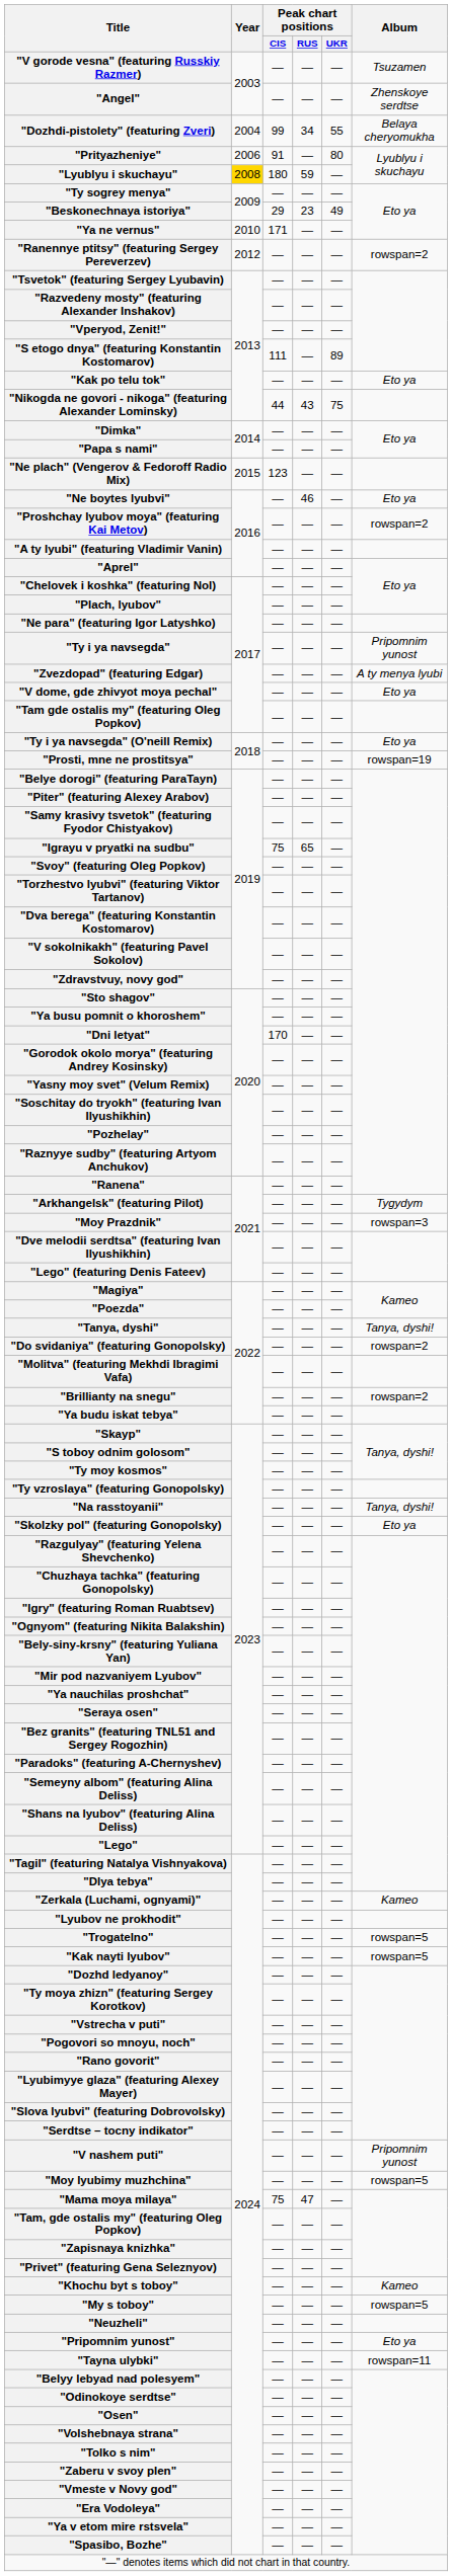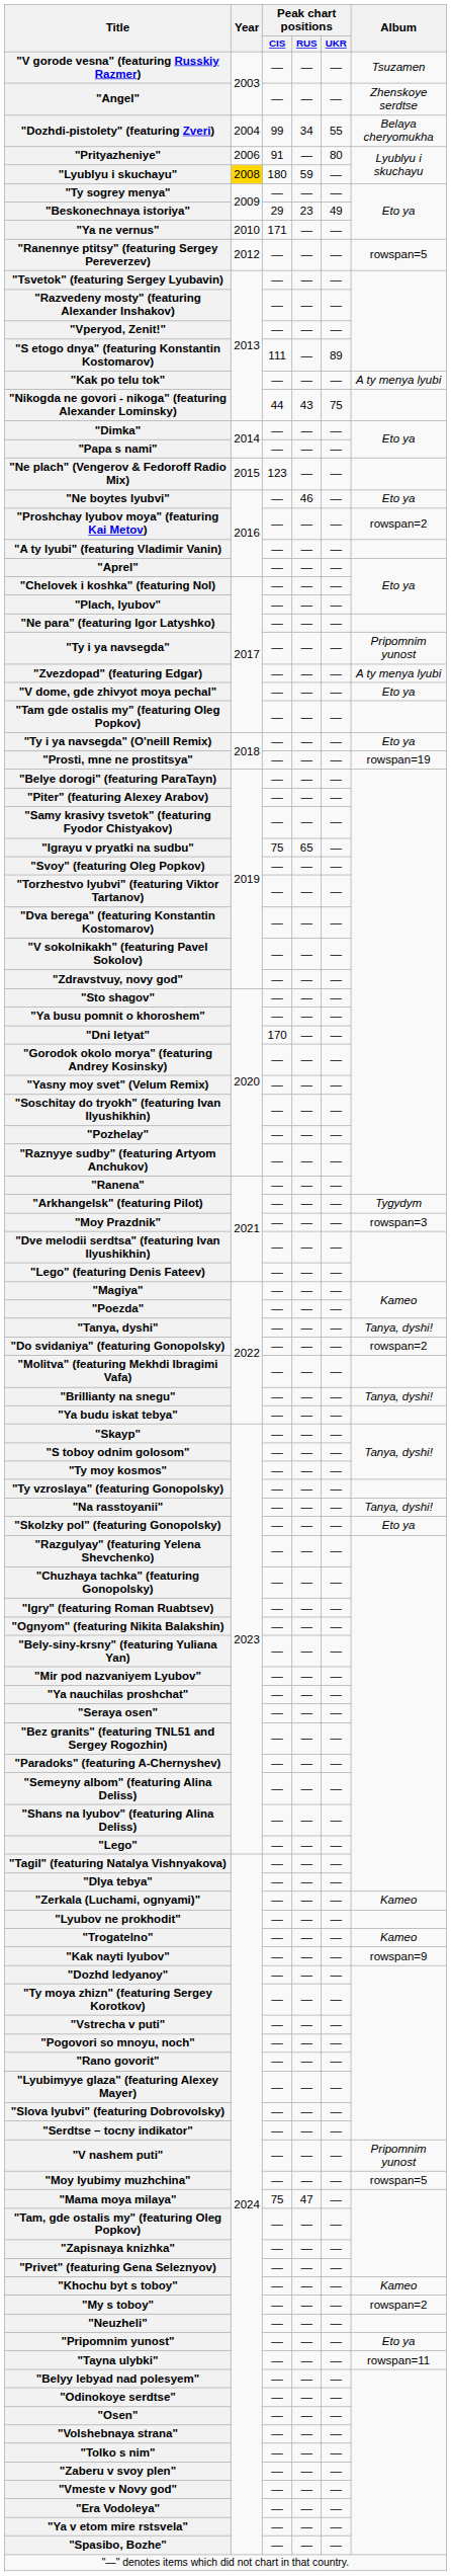 <table class="wikitable plainrowheaders" style="text-align: center;">
 <tr>
 <th scope="col" rowspan="2">Title</th>
 <th scope="col" rowspan="2">Year</th>
 <th scope="col" colspan="3">Peak chart positions</th>
 <th scope="col" rowspan="2">Album</th>
 </tr>
 <tr>
 <th scope="col" style="width:2.5em; font-size:85%;"><a href='#'>CIS</a><br></th>
 <th scope="col" style="width:2.5em; font-size:85%;"><a href='#'>RUS</a><br></th>
 <th scope="col" style="width:2.5em; font-size:85%;"><a href='#'>UKR</a><br></th>
 </tr>
 <tr>
 <th scope="row">"V gorode vesna" (featuring <a href='#'>Russkiy Razmer</a>)</th>
 <td rowspan=2>2003</td>
 <td>—</td>
 <td>—</td>
 <td>—</td>
 <td><em>Tsuzamen</em></td>
 </tr>
 <tr>
 <th scope="row">"Angel"</th>
 <td>—</td>
 <td>—</td>
 <td>—</td>
 <td><em>Zhenskoye serdtse</em></td>
 </tr>
 <tr>
 <th scope="row">"Dozhdi-pistolety" (featuring <a href='#'>Zveri</a>)</th>
 <td>2004</td>
 <td>99</td>
 <td>34 </td>
 <td>55</td>
 <td><em>Belaya cheryomukha</em></td>
 </tr>
 <tr>
 <th scope="row">"Prityazheniye"</th>
 <td>2006</td>
 <td>91</td>
 <td>—</td>
 <td>80 </td>
 <td rowspan=2><em>Lyublyu i skuchayu</em></td>
 </tr>
 <tr>
 <th scope="row">"Lyublyu i skuchayu"</th>
 <td style="background: gold;">2008</td>
 <td>180</td>
 <td>59 </td>
 <td>—</td>
 </tr>
 <tr>
 <th scope="row">"Ty sogrey menya"</th>
 <td rowspan=2>2009</td>
 <td>—</td>
 <td>—</td>
 <td>—</td>
 <td rowspan=3><em>Eto ya</em></td>
 </tr>
 <tr>
 <th scope="row">"Beskonechnaya istoriya"</th>
 <td>29</td>
 <td>23 </td>
 <td>49</td>
 </tr>
 <tr>
 <th scope="row">"Ya ne vernus"</th>
 <td>2010</td>
 <td>171</td>
 <td>—</td>
 <td>—</td>
 </tr>
 <tr>
 <th scope="row">"Ranennye ptitsy" (featuring Sergey Pereverzev)</th>
 <td>2012</td>
 <td>—</td>
 <td>—</td>
 <td>—</td>
-<td>rowspan=2 </td>
+<td>rowspan=5 </td>
 </tr>
 <tr>
 <th scope="row">"Tsvetok" (featuring Sergey Lyubavin)</th>
 <td rowspan=6>2013</td>
 <td>—</td>
 <td>—</td>
 <td>—</td>
 </tr>
 <tr>
 <th scope="row">"Razvedeny mosty" (featuring Alexander Inshakov)</th>
 <td>—</td>
 <td>—</td>
 <td>—</td>
 </tr>
 <tr>
 <th scope="row">"Vperyod, Zenit!"</th>
 <td>—</td>
 <td>—</td>
 <td>—</td>
 </tr>
 <tr>
 <th scope="row">"S etogo dnya" (featuring Konstantin Kostomarov)</th>
 <td>111</td>
 <td>—</td>
 <td>89</td>
 </tr>
 <tr>
 <th scope="row">"Kak po telu tok"</th>
 <td>—</td>
 <td>—</td>
 <td>—</td>
-<td><em>Eto ya</em></td>
+<td><em>A ty menya lyubi</em></td>
 </tr>
 <tr>
 <th scope="row">"Nikogda ne govori - nikoga" (featuring Alexander Lominsky)</th>
 <td>44</td>
 <td>43</td>
 <td>75</td>
 <td></td>
 </tr>
 <tr>
 <th scope="row">"Dimka"</th>
 <td rowspan=2>2014</td>
 <td>—</td>
 <td>—</td>
 <td>—</td>
 <td rowspan=2><em>Eto ya</em></td>
 </tr>
 <tr>
 <th scope="row">"Papa s nami"</th>
 <td>—</td>
 <td>—</td>
 <td>—</td>
 </tr>
 <tr>
 <th scope="row">"Ne plach" (Vengerov & Fedoroff Radio Mix)</th>
 <td rowspan=1>2015</td>
 <td>123</td>
 <td>—</td>
 <td>—</td>
 <td></td>
 </tr>
 <tr>
 <th scope="row">"Ne boytes lyubvi"</th>
 <td rowspan=4>2016</td>
 <td>—</td>
 <td>46</td>
 <td>—</td>
 <td><em>Eto ya</em></td>
 </tr>
 <tr>
 <th scope="row">"Proshchay lyubov moya" (featuring <a href='#'>Kai Metov</a>)</th>
 <td>—</td>
 <td>—</td>
 <td>—</td>
 <td>rowspan=2 </td>
 </tr>
 <tr>
 <th scope="row">"A ty lyubi" (featuring Vladimir Vanin)</th>
 <td>—</td>
 <td>—</td>
 <td>—</td>
 </tr>
 <tr>
 <th scope="row">"Aprel"</th>
 <td>—</td>
 <td>—</td>
 <td>—</td>
 <td rowspan=3><em>Eto ya</em></td>
 </tr>
 <tr>
 <th scope="row">"Chelovek i koshka" (featuring Nol)</th>
 <td rowspan=7>2017</td>
 <td>—</td>
 <td>—</td>
 <td>—</td>
 </tr>
 <tr>
 <th scope="row">"Plach, lyubov"</th>
 <td>—</td>
 <td>—</td>
 <td>—</td>
 </tr>
 <tr>
 <th scope="row">"Ne para" (featuring Igor Latyshko)</th>
 <td>—</td>
 <td>—</td>
 <td>—</td>
 <td></td>
 </tr>
 <tr>
 <th scope="row">"Ty i ya navsegda"</th>
 <td>—</td>
 <td>—</td>
 <td>—</td>
 <td><em>Pripomnim yunost</em></td>
 </tr>
 <tr>
 <th scope="row">"Zvezdopad" (featuring Edgar)</th>
 <td>—</td>
 <td>—</td>
 <td>—</td>
 <td><em>A ty menya lyubi</em></td>
 </tr>
 <tr>
 <th scope="row">"V dome, gde zhivyot moya pechal"</th>
 <td>—</td>
 <td>—</td>
 <td>—</td>
 <td><em>Eto ya</em></td>
 </tr>
 <tr>
 <th scope="row">"Tam gde ostalis my" (featuring Oleg Popkov)</th>
 <td>—</td>
 <td>—</td>
 <td>—</td>
 <td></td>
 </tr>
 <tr>
 <th scope="row">"Ty i ya navsegda" (O'neill Remix)</th>
 <td rowspan=2>2018</td>
 <td>—</td>
 <td>—</td>
 <td>—</td>
 <td><em>Eto ya</em></td>
 </tr>
 <tr>
 <th scope="row">"Prosti, mne ne prostitsya"</th>
 <td>—</td>
 <td>—</td>
 <td>—</td>
 <td>rowspan=19 </td>
 </tr>
 <tr>
 <th scope="row">"Belye dorogi" (featuring ParaTayn)</th>
 <td rowspan=9>2019</td>
 <td>—</td>
 <td>—</td>
 <td>—</td>
 </tr>
 <tr>
 <th scope="row">"Piter" (featuring Alexey Arabov)</th>
 <td>—</td>
 <td>—</td>
 <td>—</td>
 </tr>
 <tr>
 <th scope="row">"Samy krasivy tsvetok" (featuring Fyodor Chistyakov)</th>
 <td>—</td>
 <td>—</td>
 <td>—</td>
 </tr>
 <tr>
 <th scope="row">"Igrayu v pryatki na sudbu"</th>
 <td>75</td>
 <td>65</td>
 <td>—</td>
 </tr>
 <tr>
 <th scope="row">"Svoy" (featuring Oleg Popkov)</th>
 <td>—</td>
 <td>—</td>
 <td>—</td>
 </tr>
 <tr>
 <th scope="row">"Torzhestvo lyubvi" (featuring Viktor Tartanov)</th>
 <td>—</td>
 <td>—</td>
 <td>—</td>
 </tr>
 <tr>
 <th scope="row">"Dva berega" (featuring Konstantin Kostomarov)</th>
 <td>—</td>
 <td>—</td>
 <td>—</td>
 </tr>
 <tr>
 <th scope="row">"V sokolnikakh" (featuring Pavel Sokolov)</th>
 <td>—</td>
 <td>—</td>
 <td>—</td>
 </tr>
 <tr>
 <th scope="row">"Zdravstvuy, novy god"</th>
 <td>—</td>
 <td>—</td>
 <td>—</td>
 </tr>
 <tr>
 <th scope="row">"Sto shagov"</th>
 <td rowspan=8>2020</td>
 <td>—</td>
 <td>—</td>
 <td>—</td>
 </tr>
 <tr>
 <th scope="row">"Ya busu pomnit o khoroshem"</th>
 <td>—</td>
 <td>—</td>
 <td>—</td>
 </tr>
 <tr>
 <th scope="row">"Dni letyat"</th>
 <td>170</td>
 <td>—</td>
 <td>—</td>
 </tr>
 <tr>
 <th scope="row">"Gorodok okolo morya" (featuring Andrey Kosinsky)</th>
 <td>—</td>
 <td>—</td>
 <td>—</td>
 </tr>
 <tr>
 <th scope="row">"Yasny moy svet" (Velum Remix)</th>
 <td>—</td>
 <td>—</td>
 <td>—</td>
 </tr>
 <tr>
 <th scope="row">"Soschitay do tryokh" (featuring Ivan Ilyushikhin)</th>
 <td>—</td>
 <td>—</td>
 <td>—</td>
 </tr>
 <tr>
 <th scope="row">"Pozhelay"</th>
 <td>—</td>
 <td>—</td>
 <td>—</td>
 </tr>
 <tr>
 <th scope="row">"Raznyye sudby" (featuring Artyom Anchukov)</th>
 <td>—</td>
 <td>—</td>
 <td>—</td>
 </tr>
 <tr>
 <th scope="row">"Ranena"</th>
 <td rowspan=5>2021</td>
 <td>—</td>
 <td>—</td>
 <td>—</td>
 </tr>
 <tr>
 <th scope="row">"Arkhangelsk" (featuring Pilot)</th>
 <td>—</td>
 <td>—</td>
 <td>—</td>
 <td><em>Tygydym</em></td>
 </tr>
 <tr>
 <th scope="row">"Moy Prazdnik"</th>
 <td>—</td>
 <td>—</td>
 <td>—</td>
 <td>rowspan=3 </td>
 </tr>
 <tr>
 <th scope="row">"Dve melodii serdtsa" (featuring Ivan Ilyushikhin)</th>
 <td>—</td>
 <td>—</td>
 <td>—</td>
 </tr>
 <tr>
 <th scope="row">"Lego" (featuring Denis Fateev)</th>
 <td>—</td>
 <td>—</td>
 <td>—</td>
 </tr>
 <tr>
 <th scope="row">"Magiya"</th>
 <td rowspan=7>2022</td>
 <td>—</td>
 <td>—</td>
 <td>—</td>
 <td rowspan=2><em>Kameo</em></td>
 </tr>
 <tr>
 <th scope="row">"Poezda"</th>
 <td>—</td>
 <td>—</td>
 <td>—</td>
 </tr>
 <tr>
 <th scope="row">"Tanya, dyshi"</th>
 <td>—</td>
 <td>—</td>
 <td>—</td>
 <td><em>Tanya, dyshi!</em></td>
 </tr>
 <tr>
 <th scope="row">"Do svidaniya" (featuring Gonopolsky)</th>
 <td>—</td>
 <td>—</td>
 <td>—</td>
 <td>rowspan=2 </td>
 </tr>
 <tr>
 <th scope="row">"Molitva" (featuring Mekhdi Ibragimi Vafa)</th>
 <td>—</td>
 <td>—</td>
 <td>—</td>
 </tr>
 <tr>
 <th scope="row">"Brillianty na snegu"</th>
 <td>—</td>
 <td>—</td>
 <td>—</td>
-<td>rowspan=2 </td>
+<td><em>Tanya, dyshi!</em></td>
 </tr>
 <tr>
 <th scope="row">"Ya budu iskat tebya"</th>
 <td>—</td>
 <td>—</td>
 <td>—</td>
 <td></td>
 </tr>
 <tr>
 <th scope="row">"Skayp"</th>
 <td rowspan=19>2023</td>
 <td>—</td>
 <td>—</td>
 <td>—</td>
 <td rowspan=3><em>Tanya, dyshi!</em></td>
 </tr>
 <tr>
 <th scope="row">"S toboy odnim golosom"</th>
 <td>—</td>
 <td>—</td>
 <td>—</td>
 </tr>
 <tr>
 <th scope="row">"Ty moy kosmos"</th>
 <td>—</td>
 <td>—</td>
 <td>—</td>
 </tr>
 <tr>
 <th scope="row">"Ty vzroslaya" (featuring Gonopolsky)</th>
 <td>—</td>
 <td>—</td>
 <td>—</td>
 <td></td>
 </tr>
 <tr>
 <th scope="row">"Na rasstoyanii"</th>
 <td>—</td>
 <td>—</td>
 <td>—</td>
 <td><em>Tanya, dyshi!</em></td>
 </tr>
 <tr>
 <th scope="row">"Skolzky pol" (featuring Gonopolsky)</th>
 <td>—</td>
 <td>—</td>
 <td>—</td>
 <td><em>Eto ya</em></td>
 </tr>
 <tr>
 <th scope="row">"Razgulyay" (featuring Yelena Shevchenko)</th>
 <td>—</td>
 <td>—</td>
 <td>—</td>
 </tr>
 <tr>
 <th scope="row">"Chuzhaya tachka" (featuring Gonopolsky)</th>
 <td>—</td>
 <td>—</td>
 <td>—</td>
 </tr>
 <tr>
 <th scope="row">"Igry" (featuring Roman Ruabtsev)</th>
 <td>—</td>
 <td>—</td>
 <td>—</td>
 </tr>
 <tr>
 <th scope="row">"Ognyom" (featuring Nikita Balakshin)</th>
 <td>—</td>
 <td>—</td>
 <td>—</td>
 </tr>
 <tr>
 <th scope="row">"Bely-siny-krsny" (featuring Yuliana Yan)</th>
 <td>—</td>
 <td>—</td>
 <td>—</td>
 </tr>
 <tr>
 <th scope="row">"Mir pod nazvaniyem Lyubov"</th>
 <td>—</td>
 <td>—</td>
 <td>—</td>
 </tr>
 <tr>
 <th scope="row">"Ya nauchilas proshchat"</th>
 <td>—</td>
 <td>—</td>
 <td>—</td>
 </tr>
 <tr>
 <th scope="row">"Seraya osen"</th>
 <td>—</td>
 <td>—</td>
 <td>—</td>
 </tr>
 <tr>
 <th scope="row">"Bez granits" (featuring TNL51 and Sergey Rogozhin)</th>
 <td>—</td>
 <td>—</td>
 <td>—</td>
 </tr>
 <tr>
 <th scope="row">"Paradoks" (featuring A-Chernyshev)</th>
 <td>—</td>
 <td>—</td>
 <td>—</td>
 </tr>
 <tr>
 <th scope="row">"Semeyny albom" (featuring Alina Deliss)</th>
 <td>—</td>
 <td>—</td>
 <td>—</td>
 </tr>
 <tr>
 <th scope="row">"Shans na lyubov" (featuring Alina Deliss)</th>
 <td>—</td>
 <td>—</td>
 <td>—</td>
 </tr>
 <tr>
 <th scope="row">"Lego"</th>
 <td>—</td>
 <td>—</td>
 <td>—</td>
 </tr>
 <tr>
 <th scope="row">"Tagil" (featuring Natalya Vishnyakova)</th>
 <td rowspan=35>2024</td>
 <td>—</td>
 <td>—</td>
 <td>—</td>
 </tr>
 <tr>
 <th scope="row">"Dlya tebya"</th>
 <td>—</td>
 <td>—</td>
 <td>—</td>
 </tr>
 <tr>
 <th scope="row">"Zerkala (Luchami, ognyami)"</th>
 <td>—</td>
 <td>—</td>
 <td>—</td>
 <td><em>Kameo</em></td>
 </tr>
 <tr>
 <th scope="row">"Lyubov ne prokhodit"</th>
 <td>—</td>
 <td>—</td>
 <td>—</td>
 <td></td>
 </tr>
 <tr>
 <th scope="row">"Trogatelno"</th>
 <td>—</td>
 <td>—</td>
 <td>—</td>
-<td>rowspan=5 </td>
+<td><em>Kameo</em></td>
 </tr>
 <tr>
 <th scope="row">"Kak nayti lyubov"</th>
 <td>—</td>
 <td>—</td>
 <td>—</td>
-<td>rowspan=5 </td>
+<td>rowspan=9 </td>
 </tr>
 <tr>
 <th scope="row">"Dozhd ledyanoy"</th>
 <td>—</td>
 <td>—</td>
 <td>—</td>
 </tr>
 <tr>
 <th scope="row">"Ty moya zhizn" (featuring Sergey Korotkov)</th>
 <td>—</td>
 <td>—</td>
 <td>—</td>
 </tr>
 <tr>
 <th scope="row">"Vstrecha v puti"</th>
 <td>—</td>
 <td>—</td>
 <td>—</td>
 </tr>
 <tr>
 <th scope="row">"Pogovori so mnoyu, noch"</th>
 <td>—</td>
 <td>—</td>
 <td>—</td>
 </tr>
 <tr>
 <th scope="row">"Rano govorit"</th>
 <td>—</td>
 <td>—</td>
 <td>—</td>
 </tr>
 <tr>
 <th scope="row">"Lyubimyye glaza" (featuring Alexey Mayer)</th>
 <td>—</td>
 <td>—</td>
 <td>—</td>
 </tr>
 <tr>
 <th scope="row">"Slova lyubvi" (featuring Dobrovolsky)</th>
 <td>—</td>
 <td>—</td>
 <td>—</td>
 </tr>
 <tr>
 <th scope="row">"Serdtse – tocny indikator"</th>
 <td>—</td>
 <td>—</td>
 <td>—</td>
 </tr>
 <tr>
 <th scope="row">"V nashem puti"</th>
 <td>—</td>
 <td>—</td>
 <td>—</td>
 <td><em>Pripomnim yunost</em></td>
 </tr>
 <tr>
 <th scope="row">"Moy lyubimy muzhchina"</th>
 <td>—</td>
 <td>—</td>
 <td>—</td>
 <td>rowspan=5 </td>
 </tr>
 <tr>
 <th scope="row">"Mama moya milaya"</th>
 <td>75</td>
 <td>47 </td>
 <td>—</td>
 </tr>
 <tr>
 <th scope="row">"Tam, gde ostalis my" (featuring Oleg Popkov)</th>
 <td>—</td>
 <td>—</td>
 <td>—</td>
 </tr>
 <tr>
 <th scope="row">"Zapisnaya knizhka"</th>
 <td>—</td>
 <td>—</td>
 <td>—</td>
 </tr>
 <tr>
 <th scope="row">"Privet" (featuring Gena Seleznyov)</th>
 <td>—</td>
 <td>—</td>
 <td>—</td>
 </tr>
 <tr>
 <th scope="row">"Khochu byt s toboy"</th>
 <td>—</td>
 <td>—</td>
 <td>—</td>
 <td><em>Kameo</em></td>
 </tr>
 <tr>
 <th scope="row">"My s toboy"</th>
 <td>—</td>
 <td>—</td>
 <td>—</td>
-<td>rowspan=5 </td>
+<td>rowspan=2 </td>
 </tr>
 <tr>
 <th scope="row">"Neuzheli"</th>
 <td>—</td>
 <td>—</td>
 <td>—</td>
 </tr>
 <tr>
 <th scope="row">"Pripomnim yunost"</th>
 <td>—</td>
 <td>—</td>
 <td>—</td>
 <td><em>Eto ya</em></td>
 </tr>
 <tr>
 <th scope="row">"Tayna ulybki"</th>
 <td>—</td>
 <td>—</td>
 <td>—</td>
 <td>rowspan=11 </td>
 </tr>
 <tr>
 <th scope="row">"Belyy lebyad nad polesyem"</th>
 <td>—</td>
 <td>—</td>
 <td>—</td>
 </tr>
 <tr>
 <th scope="row">"Odinokoye serdtse"</th>
 <td>—</td>
 <td>—</td>
 <td>—</td>
 </tr>
 <tr>
 <th scope="row">"Osen"</th>
 <td>—</td>
 <td>—</td>
 <td>—</td>
 </tr>
 <tr>
 <th scope="row">"Volshebnaya strana"</th>
 <td>—</td>
 <td>—</td>
 <td>—</td>
 </tr>
 <tr>
 <th scope="row">"Tolko s nim"</th>
 <td>—</td>
 <td>—</td>
 <td>—</td>
 </tr>
 <tr>
 <th scope="row">"Zaberu v svoy plen"</th>
 <td>—</td>
 <td>—</td>
 <td>—</td>
 </tr>
 <tr>
 <th scope="row">"Vmeste v Novy god"</th>
 <td>—</td>
 <td>—</td>
 <td>—</td>
 </tr>
 <tr>
 <th scope="row">"Era Vodoleya"</th>
 <td>—</td>
 <td>—</td>
 <td>—</td>
 </tr>
 <tr>
 <th scope="row">"Ya v etom mire rstsvela"</th>
 <td>—</td>
 <td>—</td>
 <td>—</td>
 </tr>
 <tr>
 <th scope="row">"Spasibo, Bozhe"</th>
 <td>—</td>
 <td>—</td>
 <td>—</td>
 </tr>
 <tr>
 <td colspan="6" style="font-size:90%;">"—" denotes items which did not chart in that country.</td>
 </tr>
 </table>
